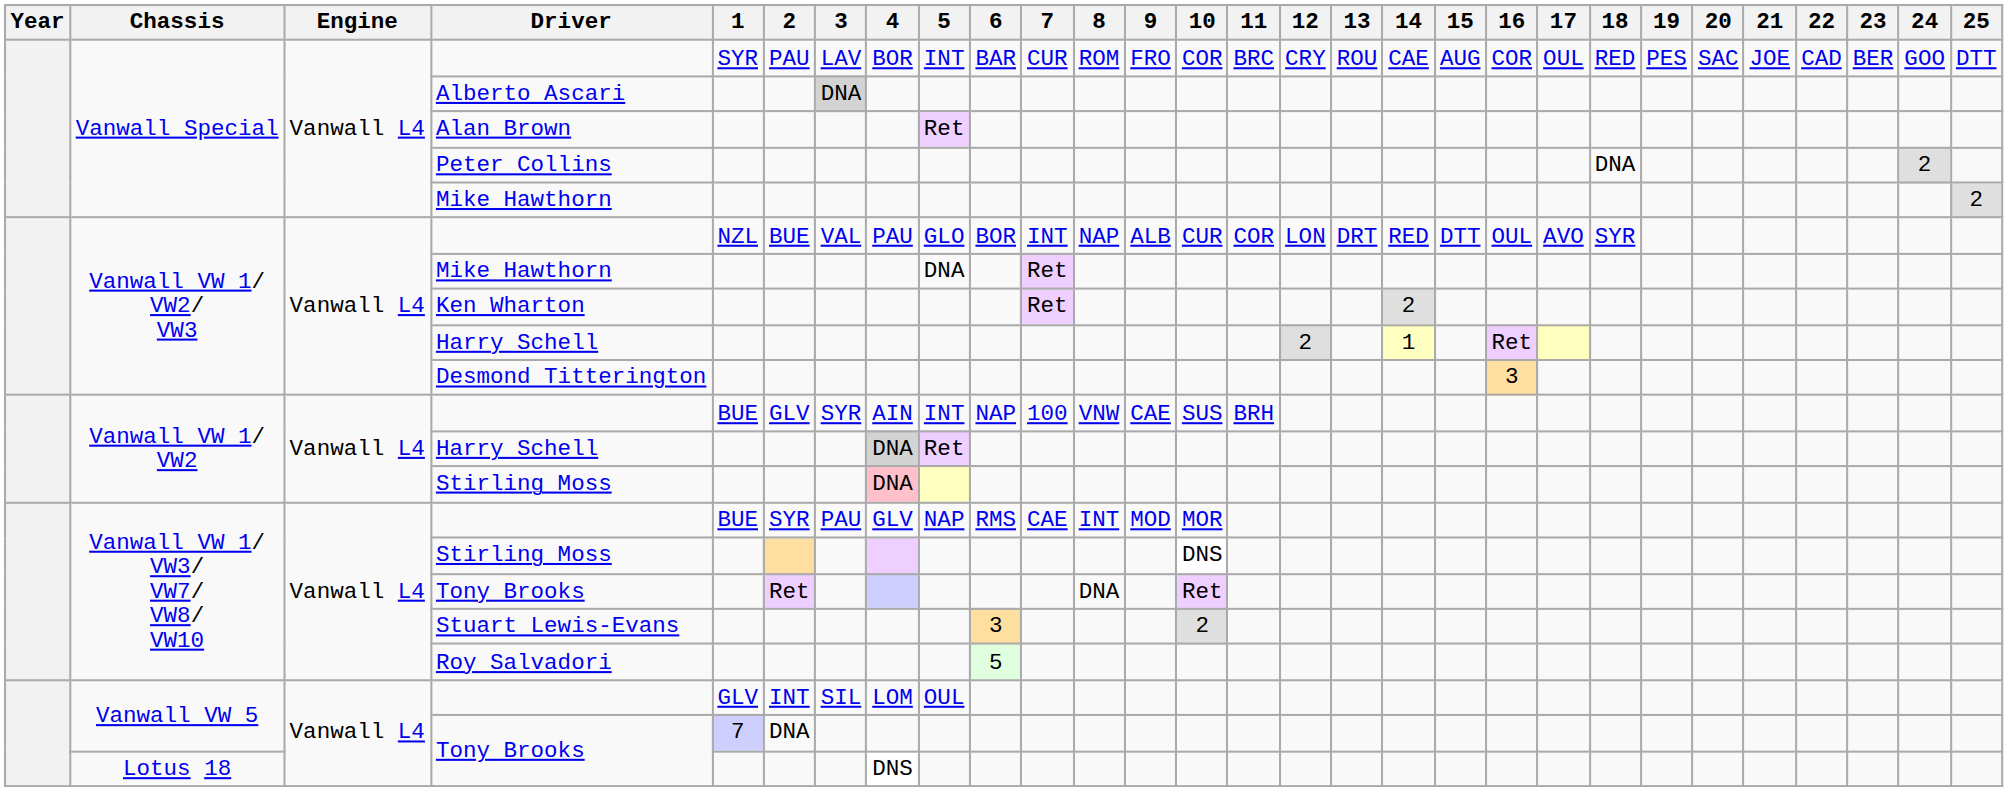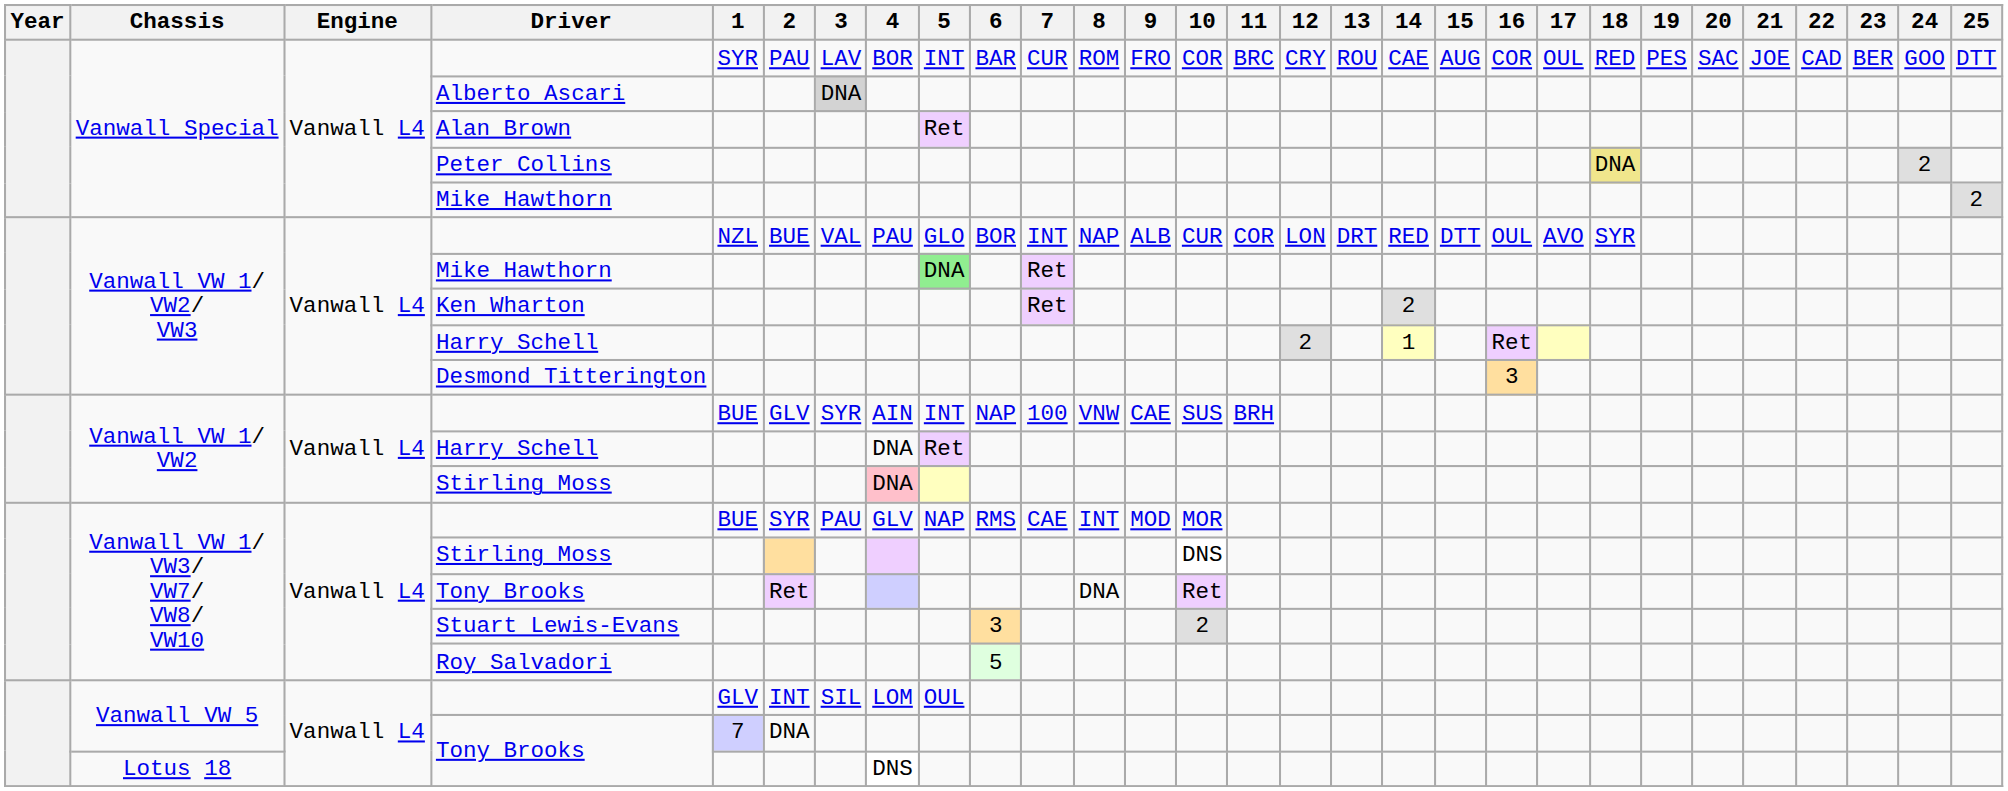 <table class="wikitable" style="text-align:center; font-size:85%">
 <tr>
 <th>Year</th>
 <th>Chassis</th>
 <th>Engine</th>
 <th>Driver</th>
 <th>1</th>
 <th>2</th>
 <th>3</th>
 <th>4</th>
 <th>5</th>
 <th>6</th>
 <th>7</th>
 <th>8</th>
 <th>9</th>
 <th>10</th>
 <th>11</th>
 <th>12</th>
 <th>13</th>
 <th>14</th>
 <th>15</th>
 <th>16</th>
 <th>17</th>
 <th>18</th>
 <th>19</th>
 <th>20</th>
 <th>21</th>
 <th>22</th>
 <th>23</th>
 <th>24</th>
 <th>25</th>
 </tr>
 <tr>
 <th rowspan="5"></th>
 <td rowspan="5"><a href='#'>Vanwall Special</a></td>
 <td rowspan="5">Vanwall <a href='#'>L4</a></td>
 <td></td>
 <td><a href='#'>SYR</a></td>
 <td><a href='#'>PAU</a></td>
 <td><a href='#'>LAV</a></td>
 <td><a href='#'>BOR</a></td>
 <td><a href='#'>INT</a></td>
 <td><a href='#'>BAR</a></td>
 <td><a href='#'>CUR</a></td>
 <td><a href='#'>ROM</a></td>
 <td><a href='#'>FRO</a></td>
 <td><a href='#'>COR</a></td>
 <td><a href='#'>BRC</a></td>
 <td><a href='#'>CRY</a></td>
 <td><a href='#'>ROU</a></td>
 <td><a href='#'>CAE</a></td>
 <td><a href='#'>AUG</a></td>
 <td><a href='#'>COR</a></td>
 <td><a href='#'>OUL</a></td>
 <td><a href='#'>RED</a></td>
 <td><a href='#'>PES</a></td>
 <td><a href='#'>SAC</a></td>
 <td><a href='#'>JOE</a></td>
 <td><a href='#'>CAD</a></td>
 <td><a href='#'>BER</a></td>
 <td><a href='#'>GOO</a></td>
 <td><a href='#'>DTT</a></td>
 </tr>
 <tr>
 <td align="left"> <a href='#'>Alberto Ascari</a></td>
 <td></td>
 <td></td>
 <td style="background: lightgrey;">DNA</td>
 <td></td>
 <td></td>
 <td></td>
 <td></td>
 <td></td>
 <td></td>
 <td></td>
 <td></td>
 <td></td>
 <td></td>
 <td></td>
 <td></td>
 <td></td>
 <td></td>
 <td></td>
 <td></td>
 <td></td>
 <td></td>
 <td></td>
 <td></td>
 <td></td>
 <td></td>
 </tr>
 <tr>
 <td align="left"> <a href='#'>Alan Brown</a></td>
 <td></td>
 <td></td>
 <td></td>
 <td></td>
 <td style="background:#EFCFFF;">Ret</td>
 <td></td>
 <td></td>
 <td></td>
 <td></td>
 <td></td>
 <td></td>
 <td></td>
 <td></td>
 <td></td>
 <td></td>
 <td></td>
 <td></td>
 <td></td>
 <td></td>
 <td></td>
 <td></td>
 <td></td>
 <td></td>
 <td></td>
 <td></td>
 </tr>
 <tr>
 <td align="left"> <a href='#'>Peter Collins</a></td>
 <td></td>
 <td></td>
 <td></td>
 <td></td>
 <td></td>
 <td></td>
 <td></td>
 <td></td>
 <td></td>
 <td></td>
 <td></td>
 <td></td>
 <td></td>
 <td></td>
 <td></td>
 <td></td>
 <td></td>
-<td>DNA</td>
+<td style="background: khaki;">DNA</td>
 <td></td>
 <td></td>
 <td></td>
 <td></td>
 <td></td>
 <td style="background:#DFDFDF;">2</td>
 <td></td>
 </tr>
 <tr>
 <td align="left"> <a href='#'>Mike Hawthorn</a></td>
 <td></td>
 <td></td>
 <td></td>
 <td></td>
 <td></td>
 <td></td>
 <td></td>
 <td></td>
 <td></td>
 <td></td>
 <td></td>
 <td></td>
 <td></td>
 <td></td>
 <td></td>
 <td></td>
 <td></td>
 <td></td>
 <td></td>
 <td></td>
 <td></td>
 <td></td>
 <td></td>
 <td></td>
 <td style="background:#DFDFDF;">2</td>
 </tr>
 <tr>
 <th rowspan="5"></th>
 <td rowspan="5"><a href='#'>Vanwall VW 1</a>/<br><a href='#'>VW2</a>/<br><a href='#'>VW3</a></td>
 <td rowspan="5">Vanwall <a href='#'>L4</a></td>
 <td></td>
 <td><a href='#'>NZL</a></td>
 <td><a href='#'>BUE</a></td>
 <td><a href='#'>VAL</a></td>
 <td><a href='#'>PAU</a></td>
 <td><a href='#'>GLO</a></td>
 <td><a href='#'>BOR</a></td>
 <td><a href='#'>INT</a></td>
 <td><a href='#'>NAP</a></td>
 <td><a href='#'>ALB</a></td>
 <td><a href='#'>CUR</a></td>
 <td><a href='#'>COR</a></td>
 <td><a href='#'>LON</a></td>
 <td><a href='#'>DRT</a></td>
 <td><a href='#'>RED</a></td>
 <td><a href='#'>DTT</a></td>
 <td><a href='#'>OUL</a></td>
 <td><a href='#'>AVO</a></td>
 <td><a href='#'>SYR</a></td>
 <td></td>
 <td></td>
 <td></td>
 <td></td>
 <td></td>
 <td></td>
 <td></td>
 </tr>
 <tr>
 <td align="left"> <a href='#'>Mike Hawthorn</a></td>
 <td></td>
 <td></td>
 <td></td>
 <td></td>
-<td>DNA</td>
+<td style="background: lightgreen;">DNA</td>
 <td></td>
 <td style="background:#EFCFFF;">Ret</td>
 <td></td>
 <td></td>
 <td></td>
 <td></td>
 <td></td>
 <td></td>
 <td></td>
 <td></td>
 <td></td>
 <td></td>
 <td></td>
 <td></td>
 <td></td>
 <td></td>
 <td></td>
 <td></td>
 <td></td>
 <td></td>
 </tr>
 <tr>
 <td align="left"> <a href='#'>Ken Wharton</a></td>
 <td></td>
 <td></td>
 <td></td>
 <td></td>
 <td></td>
 <td></td>
 <td style="background:#EFCFFF;">Ret</td>
 <td></td>
 <td></td>
 <td></td>
 <td></td>
 <td></td>
 <td></td>
 <td style="background:#DFDFDF;">2</td>
 <td></td>
 <td></td>
 <td></td>
 <td></td>
 <td></td>
 <td></td>
 <td></td>
 <td></td>
 <td></td>
 <td></td>
 <td></td>
 </tr>
 <tr>
 <td align="left"> <a href='#'>Harry Schell</a></td>
 <td></td>
 <td></td>
 <td></td>
 <td></td>
 <td></td>
 <td></td>
 <td></td>
 <td></td>
 <td></td>
 <td></td>
 <td></td>
 <td style="background:#DFDFDF;">2</td>
 <td></td>
 <td style="background:#FFFFBF;">1</td>
 <td></td>
 <td style="background:#EFCFFF;">Ret</td>
 <td style="background:#FFFFBF;"></td>
 <td></td>
 <td></td>
 <td></td>
 <td></td>
 <td></td>
 <td></td>
 <td></td>
 <td></td>
 </tr>
 <tr>
 <td align="left"> <a href='#'>Desmond Titterington</a></td>
 <td></td>
 <td></td>
 <td></td>
 <td></td>
 <td></td>
 <td></td>
 <td></td>
 <td></td>
 <td></td>
 <td></td>
 <td></td>
 <td></td>
 <td></td>
 <td></td>
 <td></td>
 <td style="background:#FFDF9F;">3</td>
 <td></td>
 <td></td>
 <td></td>
 <td></td>
 <td></td>
 <td></td>
 <td></td>
 <td></td>
 <td></td>
 </tr>
 <tr>
 <th rowspan="3"></th>
 <td rowspan="3"><a href='#'>Vanwall VW 1</a>/<br><a href='#'>VW2</a></td>
 <td rowspan="3">Vanwall <a href='#'>L4</a></td>
 <td></td>
 <td><a href='#'>BUE</a></td>
 <td><a href='#'>GLV</a></td>
 <td><a href='#'>SYR</a></td>
 <td><a href='#'>AIN</a></td>
 <td><a href='#'>INT</a></td>
 <td><a href='#'>NAP</a></td>
 <td><a href='#'>100</a></td>
 <td><a href='#'>VNW</a></td>
 <td><a href='#'>CAE</a></td>
 <td><a href='#'>SUS</a></td>
 <td><a href='#'>BRH</a></td>
 <td></td>
 <td></td>
 <td></td>
 <td></td>
 <td></td>
 <td></td>
 <td></td>
 <td></td>
 <td></td>
 <td></td>
 <td></td>
 <td></td>
 <td></td>
 <td></td>
 </tr>
 <tr>
 <td align="left"> <a href='#'>Harry Schell</a></td>
 <td></td>
 <td></td>
 <td></td>
-<td style="background: lightgrey;">DNA</td>
+<td>DNA</td>
 <td style="background:#EFCFFF;">Ret</td>
 <td></td>
 <td></td>
 <td></td>
 <td></td>
 <td></td>
 <td></td>
 <td></td>
 <td></td>
 <td></td>
 <td></td>
 <td></td>
 <td></td>
 <td></td>
 <td></td>
 <td></td>
 <td></td>
 <td></td>
 <td></td>
 <td></td>
 <td></td>
 </tr>
 <tr>
 <td align="left"> <a href='#'>Stirling Moss</a></td>
 <td></td>
 <td></td>
 <td></td>
 <td style="background: pink;">DNA</td>
 <td style="background:#FFFFBF;"></td>
 <td></td>
 <td></td>
 <td></td>
 <td></td>
 <td></td>
 <td></td>
 <td></td>
 <td></td>
 <td></td>
 <td></td>
 <td></td>
 <td></td>
 <td></td>
 <td></td>
 <td></td>
 <td></td>
 <td></td>
 <td></td>
 <td></td>
 <td></td>
 </tr>
 <tr>
 <th rowspan="5"></th>
 <td rowspan="5"><a href='#'>Vanwall VW 1</a>/<br><a href='#'>VW3</a>/<br><a href='#'>VW7</a>/<br><a href='#'>VW8</a>/<br><a href='#'>VW10</a></td>
 <td rowspan="5">Vanwall <a href='#'>L4</a></td>
 <td></td>
 <td><a href='#'>BUE</a></td>
 <td><a href='#'>SYR</a></td>
 <td><a href='#'>PAU</a></td>
 <td><a href='#'>GLV</a></td>
 <td><a href='#'>NAP</a></td>
 <td><a href='#'>RMS</a></td>
 <td><a href='#'>CAE</a></td>
 <td><a href='#'>INT</a></td>
 <td><a href='#'>MOD</a></td>
 <td><a href='#'>MOR</a></td>
 <td></td>
 <td></td>
 <td></td>
 <td></td>
 <td></td>
 <td></td>
 <td></td>
 <td></td>
 <td></td>
 <td></td>
 <td></td>
 <td></td>
 <td></td>
 <td></td>
 <td></td>
 </tr>
 <tr>
 <td align="left"> <a href='#'>Stirling Moss</a></td>
 <td></td>
 <td style="background:#FFDF9F;"></td>
 <td></td>
 <td style="background:#EFCFFF;"></td>
 <td></td>
 <td></td>
 <td></td>
 <td></td>
 <td></td>
 <td style="background:#FFFFFF;">DNS</td>
 <td></td>
 <td></td>
 <td></td>
 <td></td>
 <td></td>
 <td></td>
 <td></td>
 <td></td>
 <td></td>
 <td></td>
 <td></td>
 <td></td>
 <td></td>
 <td></td>
 <td></td>
 </tr>
 <tr>
 <td align="left"> <a href='#'>Tony Brooks</a></td>
 <td></td>
 <td style="background:#EFCFFF;">Ret</td>
 <td></td>
 <td style="background:#CFCFFF;"></td>
 <td></td>
 <td></td>
 <td></td>
 <td>DNA</td>
 <td></td>
 <td style="background:#EFCFFF;">Ret</td>
 <td></td>
 <td></td>
 <td></td>
 <td></td>
 <td></td>
 <td></td>
 <td></td>
 <td></td>
 <td></td>
 <td></td>
 <td></td>
 <td></td>
 <td></td>
 <td></td>
 <td></td>
 </tr>
 <tr>
 <td align="left"> <a href='#'>Stuart Lewis-Evans</a></td>
 <td></td>
 <td></td>
 <td></td>
 <td></td>
 <td></td>
 <td style="background:#FFDF9F;">3</td>
 <td></td>
 <td></td>
 <td></td>
 <td style="background:#DFDFDF;">2</td>
 <td></td>
 <td></td>
 <td></td>
 <td></td>
 <td></td>
 <td></td>
 <td></td>
 <td></td>
 <td></td>
 <td></td>
 <td></td>
 <td></td>
 <td></td>
 <td></td>
 <td></td>
 </tr>
 <tr>
 <td align="left"> <a href='#'>Roy Salvadori</a></td>
 <td></td>
 <td></td>
 <td></td>
 <td></td>
 <td></td>
 <td style="background:#DFFFDF;">5</td>
 <td></td>
 <td></td>
 <td></td>
 <td></td>
 <td></td>
 <td></td>
 <td></td>
 <td></td>
 <td></td>
 <td></td>
 <td></td>
 <td></td>
 <td></td>
 <td></td>
 <td></td>
 <td></td>
 <td></td>
 <td></td>
 <td></td>
 </tr>
 <tr>
 <th rowspan="3"></th>
 <td rowspan="2"><a href='#'>Vanwall VW 5</a></td>
 <td rowspan="3">Vanwall <a href='#'>L4</a></td>
 <td></td>
 <td><a href='#'>GLV</a></td>
 <td><a href='#'>INT</a></td>
 <td><a href='#'>SIL</a></td>
 <td><a href='#'>LOM</a></td>
 <td><a href='#'>OUL</a></td>
 <td></td>
 <td></td>
 <td></td>
 <td></td>
 <td></td>
 <td></td>
 <td></td>
 <td></td>
 <td></td>
 <td></td>
 <td></td>
 <td></td>
 <td></td>
 <td></td>
 <td></td>
 <td></td>
 <td></td>
 <td></td>
 <td></td>
 <td></td>
 </tr>
 <tr>
 <td align="left" rowspan="2"> <a href='#'>Tony Brooks</a></td>
 <td style="background-color:#CFCFFF">7</td>
 <td>DNA</td>
 <td></td>
 <td></td>
 <td></td>
 <td></td>
 <td></td>
 <td></td>
 <td></td>
 <td></td>
 <td></td>
 <td></td>
 <td></td>
 <td></td>
 <td></td>
 <td></td>
 <td></td>
 <td></td>
 <td></td>
 <td></td>
 <td></td>
 <td></td>
 <td></td>
 <td></td>
 <td></td>
 </tr>
 <tr>
 <td><a href='#'>Lotus</a> <a href='#'>18</a></td>
 <td></td>
 <td></td>
 <td></td>
 <td style="background:#FFFFFF;">DNS</td>
 <td></td>
 <td></td>
 <td></td>
 <td></td>
 <td></td>
 <td></td>
 <td></td>
 <td></td>
 <td></td>
 <td></td>
 <td></td>
 <td></td>
 <td></td>
 <td></td>
 <td></td>
 <td></td>
 <td></td>
 <td></td>
 <td></td>
 <td></td>
 <td></td>
 </tr>
 <tr>
 </tr>
 </table>
